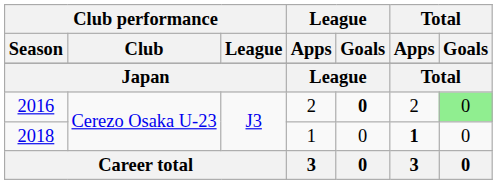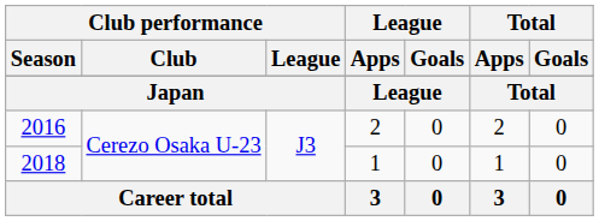 <table class="wikitable" style="text-align:center">
 <tr>
 <th colspan=3>Club performance</th>
 <th colspan=2>League</th>
 <th colspan=2>Total</th>
 </tr>
 <tr>
 <th>Season</th>
 <th>Club</th>
 <th>League</th>
 <th>Apps</th>
 <th>Goals</th>
 <th>Apps</th>
 <th>Goals</th>
 </tr>
 <tr>
 </tr>
 <tr>
 <th colspan=3>Japan</th>
 <th colspan=2>League</th>
 <th colspan=2>Total</th>
 </tr>
 <tr>
 <td><a href='#'>2016</a></td>
 <td rowspan=2><a href='#'>Cerezo Osaka U-23</a></td>
 <td rowspan=2><a href='#'>J3</a></td>
 <td>2</td>
-<td><strong>0</strong></td>
+<td>0</td>
 <td>2</td>
-<td style="background: lightgreen;">0</td>
+<td>0</td>
 </tr>
 <tr>
 <td><a href='#'>2018</a></td>
 <td>1</td>
 <td>0</td>
-<td><strong>1</strong></td>
+<td>1</td>
 <td>0</td>
 </tr>
 <tr>
 <th colspan=3>Career total</th>
 <th>3</th>
 <th>0</th>
 <th>3</th>
 <th>0</th>
 </tr>
 </table>
